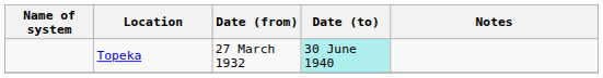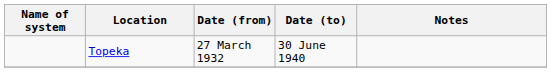 <table class="wikitable" width=100%>
 <tr>
 <th width=15%>Name of system</th>
 <th width=20%>Location</th>
 <th width=15%>Date (from)</th>
 <th width=15%>Date (to)</th>
 <th width=35%>Notes</th>
 </tr>
 <tr>
 <td> </td>
 <td><a href='#'>Topeka</a></td>
 <td>27 March 1932</td>
-<td style="background: paleturquoise;">30 June 1940</td>
+<td>30 June 1940</td>
 <td> </td>
 </tr>
 <tr>
 </tr>
 </table>
